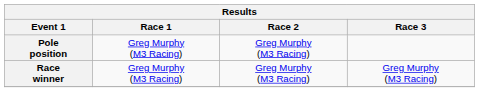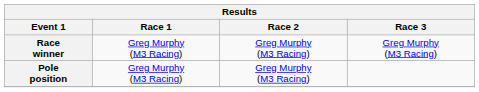 <table class="wikitable collapsible collapsed" width=75% style="font-size: 85%; max-width: 950px">
 <tr>
 <th colspan="4">Results</th>
 </tr>
 <tr>
 <th>Event 1</th>
 <th>Race 1</th>
 <th>Race 2</th>
 <th>Race 3</th>
 </tr>
 <tr>
+<th>Race<br>winner</th>
+<td align="center"> <a href='#'>Greg Murphy</a><br>(<a href='#'>M3 Racing</a>)</td>
+<td align="center"> <a href='#'>Greg Murphy</a><br>(<a href='#'>M3 Racing</a>)</td>
+<td align="center"> <a href='#'>Greg Murphy</a><br>(<a href='#'>M3 Racing</a>)</td>
+</tr>
+<tr>
 <th>Pole<br>position</th>
 <td align="center"> <a href='#'>Greg Murphy</a><br>(<a href='#'>M3 Racing</a>)</td>
 <td align="center"> <a href='#'>Greg Murphy</a><br>(<a href='#'>M3 Racing</a>)</td>
 <td align="center"></td>
 </tr>
 <tr>
-<th>Race<br>winner</th>
-<td align="center"> <a href='#'>Greg Murphy</a><br>(<a href='#'>M3 Racing</a>)</td>
-<td align="center"> <a href='#'>Greg Murphy</a><br>(<a href='#'>M3 Racing</a>)</td>
-<td align="center"> <a href='#'>Greg Murphy</a><br>(<a href='#'>M3 Racing</a>)</td>
-</tr>
-<tr>
 </tr>
 </table>
